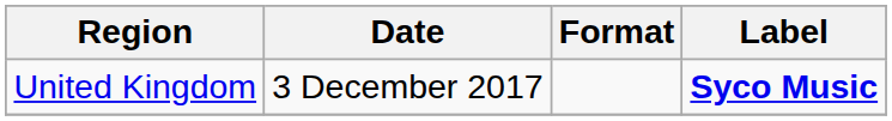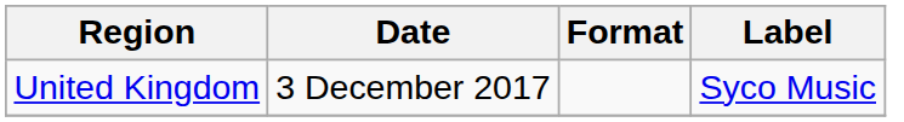 <table class=wikitable>
 <tr>
 <th>Region</th>
 <th>Date</th>
 <th>Format</th>
 <th>Label</th>
 </tr>
 <tr>
 <td><a href='#'>United Kingdom</a></td>
 <td>3 December 2017</td>
 <td></td>
-<td><strong><a href='#'>Syco Music</a></strong></td>
+<td><a href='#'>Syco Music</a></td>
 </tr>
 <tr>
 </tr>
 </table>
